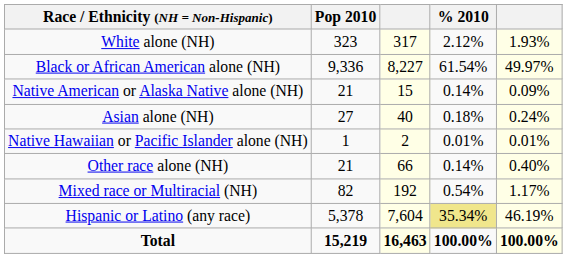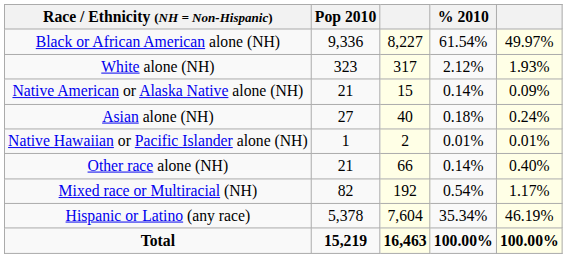 <table class="wikitable" style="text-align:center;">
 <tr>
 <th>Race / Ethnicity <small>(<em>NH = Non-Hispanic</em>)</small></th>
 <th>Pop 2010</th>
 <th></th>
 <th>% 2010</th>
 <th></th>
 </tr>
 <tr>
+<td><a href='#'>Black or African American</a> alone (NH)</td>
+<td>9,336</td>
+<td style='background: #ffffe6;'>8,227</td>
+<td>61.54%</td>
+<td style='background: #ffffe6;'>49.97%</td>
+</tr>
+<tr>
 <td><a href='#'>White</a> alone (NH)</td>
 <td>323</td>
 <td style='background: #ffffe6;'>317</td>
 <td>2.12%</td>
 <td style='background: #ffffe6;'>1.93%</td>
-</tr>
-<tr>
-<td><a href='#'>Black or African American</a> alone (NH)</td>
-<td>9,336</td>
-<td style='background: #ffffe6;'>8,227</td>
-<td>61.54%</td>
-<td style='background: #ffffe6;'>49.97%</td>
 </tr>
 <tr>
 <td><a href='#'>Native American</a> or <a href='#'>Alaska Native</a> alone (NH)</td>
 <td>21</td>
 <td style='background: #ffffe6;'>15</td>
 <td>0.14%</td>
 <td style='background: #ffffe6;'>0.09%</td>
 </tr>
 <tr>
 <td><a href='#'>Asian</a> alone (NH)</td>
 <td>27</td>
 <td style='background: #ffffe6;'>40</td>
 <td>0.18%</td>
 <td style='background: #ffffe6;'>0.24%</td>
 </tr>
 <tr>
 <td><a href='#'>Native Hawaiian</a> or <a href='#'>Pacific Islander</a> alone (NH)</td>
 <td>1</td>
 <td style='background: #ffffe6;'>2</td>
 <td>0.01%</td>
 <td style='background: #ffffe6;'>0.01%</td>
 </tr>
 <tr>
 <td><a href='#'>Other race</a> alone (NH)</td>
 <td>21</td>
 <td style='background: #ffffe6;'>66</td>
 <td>0.14%</td>
 <td style='background: #ffffe6;'>0.40%</td>
 </tr>
 <tr>
 <td><a href='#'>Mixed race or Multiracial</a> (NH)</td>
 <td>82</td>
 <td style='background: #ffffe6;'>192</td>
 <td>0.54%</td>
 <td style='background: #ffffe6;'>1.17%</td>
 </tr>
 <tr>
 <td><a href='#'>Hispanic or Latino</a> (any race)</td>
 <td>5,378</td>
 <td style='background: #ffffe6;'>7,604</td>
-<td style="background: khaki;">35.34%</td>
+<td>35.34%</td>
 <td style='background: #ffffe6;'>46.19%</td>
 </tr>
 <tr>
 <td><strong>Total</strong></td>
 <td><strong>15,219</strong></td>
 <td style='background: #ffffe6;'><strong>16,463</strong></td>
 <td><strong>100.00%</strong></td>
 <td style='background: #ffffe6;'><strong>100.00%</strong></td>
 </tr>
 </table>
